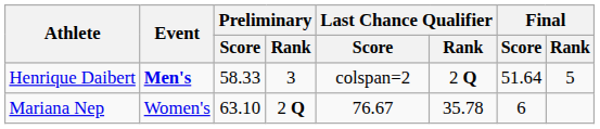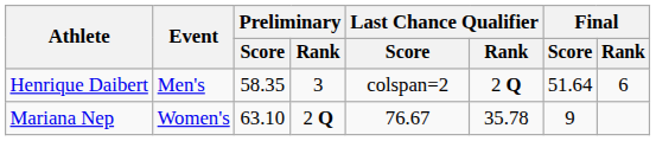 <table class=wikitable style=font-size:90%;text-align:center>
 <tr>
 <th rowspan=2>Athlete</th>
 <th rowspan=2>Event</th>
 <th colspan=2>Preliminary</th>
 <th colspan=2>Last Chance Qualifier</th>
 <th colspan=2>Final</th>
 </tr>
 <tr style=font-size:95%>
 <th>Score</th>
 <th>Rank</th>
 <th>Score</th>
 <th>Rank</th>
 <th>Score</th>
 <th>Rank</th>
 </tr>
 <tr>
 <td align=left><a href='#'>Henrique Daibert</a></td>
-<td align=left><strong><a href='#'>Men's</a></strong></td>
-<td>58.33</td>
+<td align=left><a href='#'>Men's</a></td>
+<td>58.35</td>
 <td>3</td>
 <td>colspan=2 </td>
 <td>2 <strong>Q</strong></td>
 <td>51.64</td>
-<td>5</td>
+<td>6</td>
 </tr>
 <tr>
 <td align=left><a href='#'>Mariana Nep</a></td>
 <td align=left><a href='#'>Women's</a></td>
 <td>63.10</td>
 <td>2 <strong>Q</strong></td>
 <td>76.67</td>
 <td>35.78</td>
-<td>6</td>
+<td>9</td>
 </tr>
 </table>
